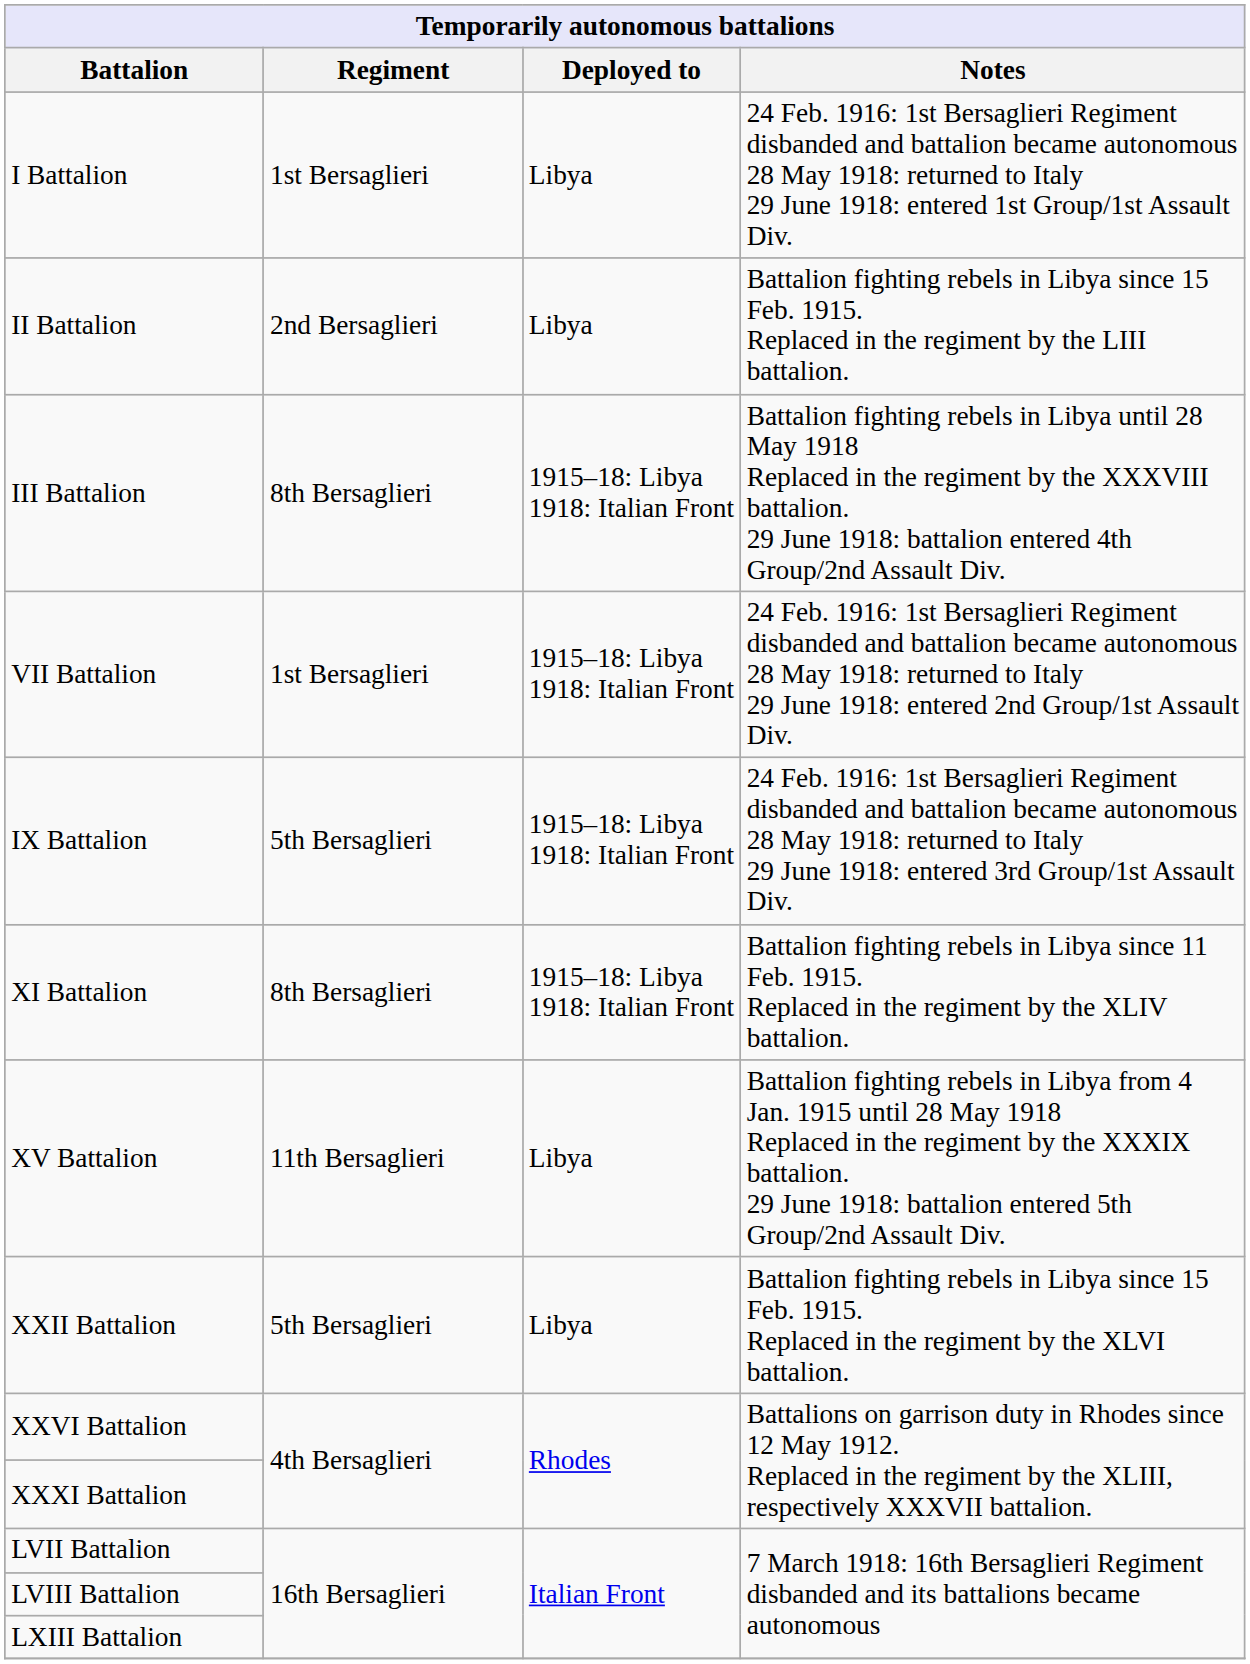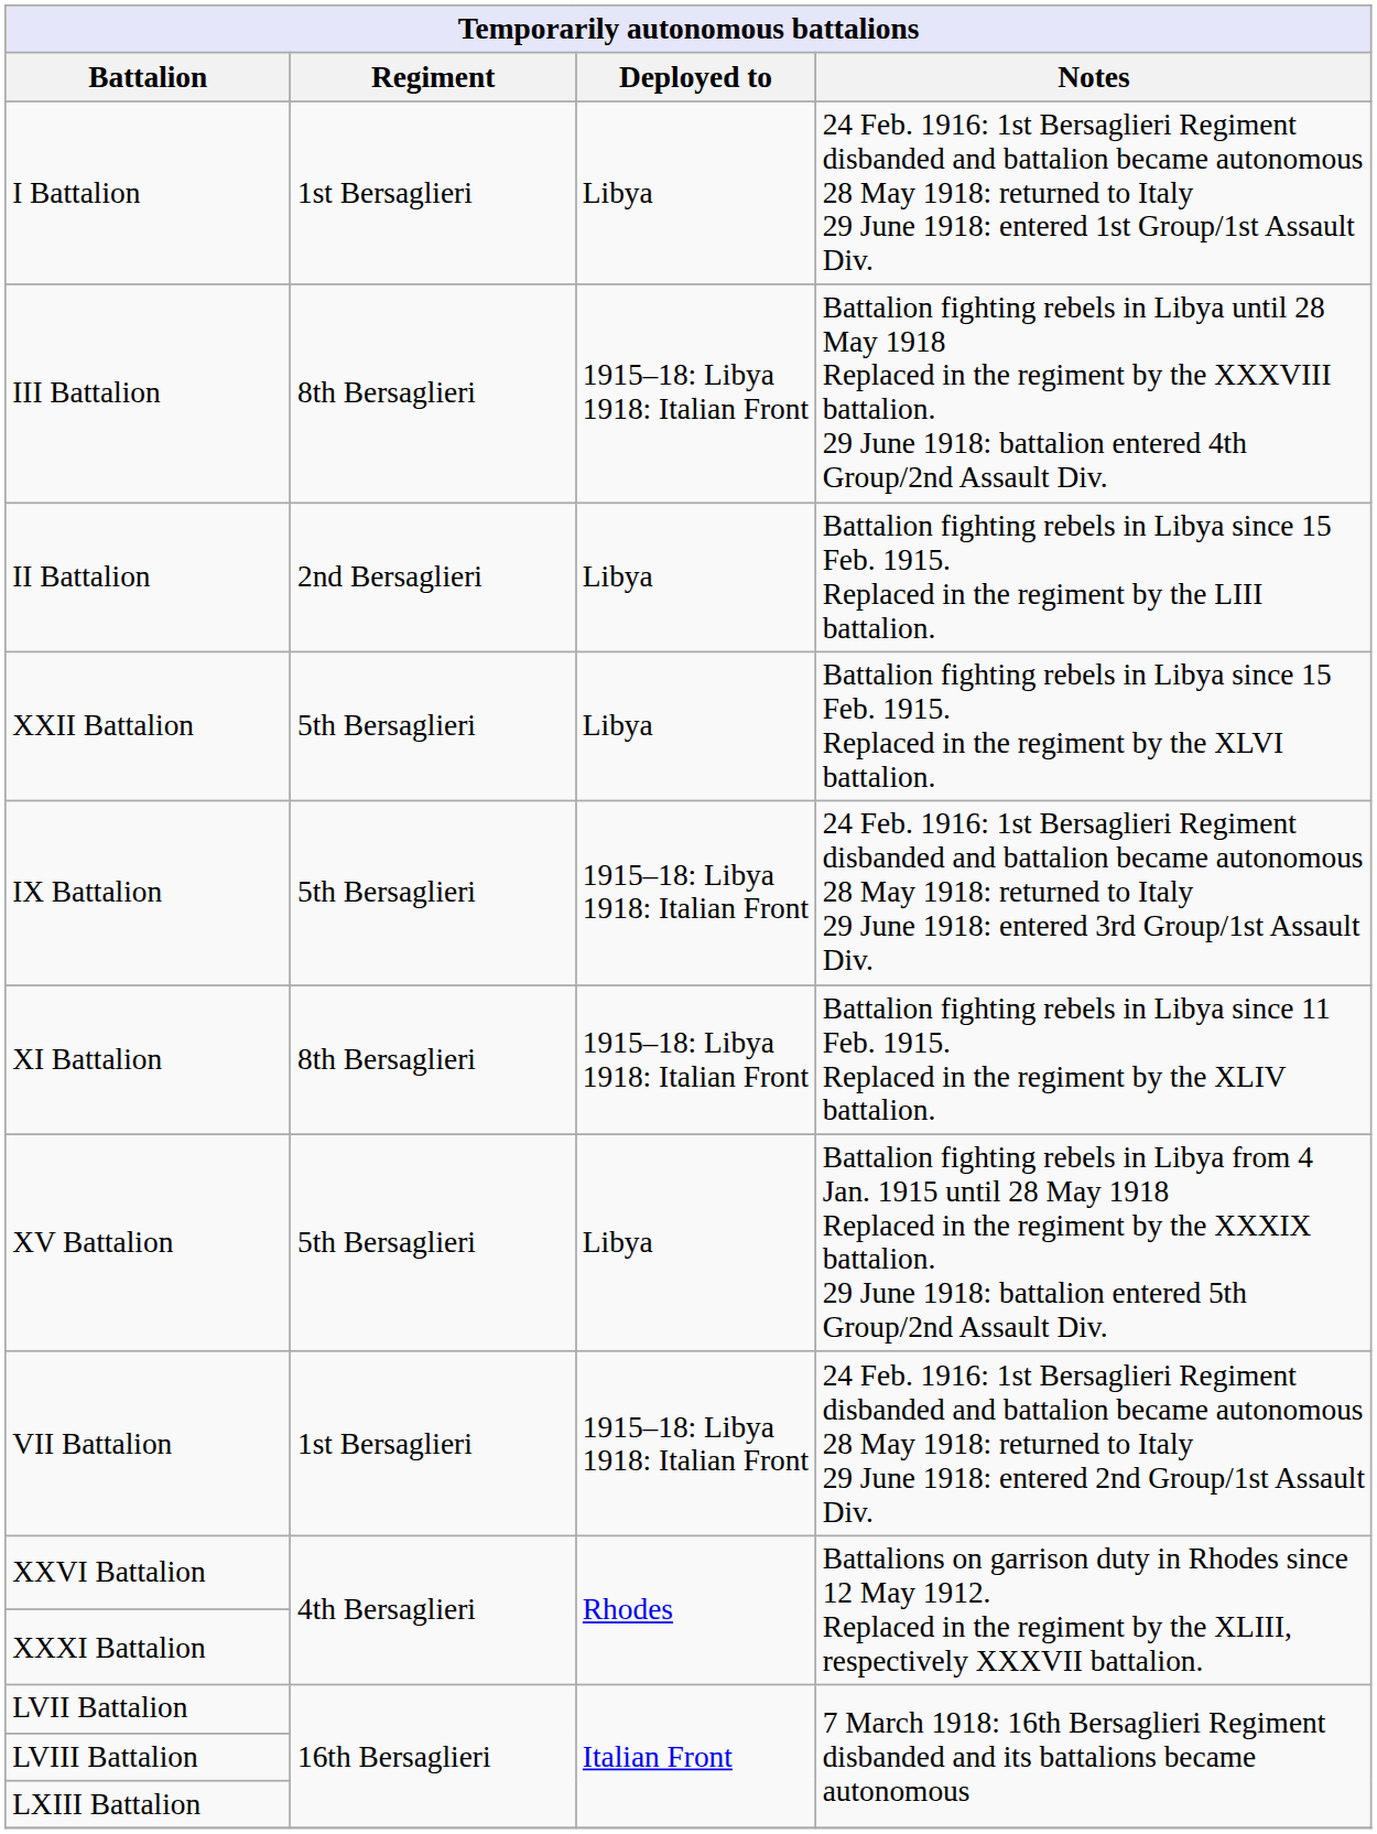 <table class="wikitable">
 <tr>
 <th style="align: center; background: lavender;" colspan="4">Temporarily autonomous battalions</th>
 </tr>
 <tr>
 <th>Battalion</th>
 <th>Regiment</th>
 <th>Deployed to</th>
 <th>Notes</th>
 </tr>
 <tr>
 <td style="width: 9em;">I Battalion</td>
 <td style="width: 9em;">1st Bersaglieri</td>
 <td>Libya</td>
 <td style="width: 18em;">24 Feb. 1916: 1st Bersaglieri Regiment disbanded and battalion became autonomous<br>28 May 1918: returned to Italy<br>29 June 1918: entered 1st Group/1st Assault Div.</td>
 </tr>
 <tr>
+<td>III Battalion</td>
+<td>8th Bersaglieri</td>
+<td>1915–18: Libya<br> 1918: Italian Front</td>
+<td>Battalion fighting rebels in Libya until 28 May 1918<br>Replaced in the regiment by the XXXVIII battalion.<br>29 June 1918: battalion entered 4th Group/2nd Assault Div.</td>
+</tr>
+<tr>
 <td>II Battalion</td>
 <td>2nd Bersaglieri</td>
 <td>Libya</td>
 <td>Battalion fighting rebels in Libya since 15 Feb. 1915.<br>Replaced in the regiment by the LIII battalion.</td>
 </tr>
 <tr>
-<td>III Battalion</td>
-<td>8th Bersaglieri</td>
-<td>1915–18: Libya<br> 1918: Italian Front</td>
-<td>Battalion fighting rebels in Libya until 28 May 1918<br>Replaced in the regiment by the XXXVIII battalion.<br>29 June 1918: battalion entered 4th Group/2nd Assault Div.</td>
-</tr>
-<tr>
-<td>VII Battalion</td>
-<td>1st Bersaglieri</td>
-<td>1915–18: Libya<br> 1918: Italian Front</td>
-<td>24 Feb. 1916: 1st Bersaglieri Regiment disbanded and battalion became autonomous<br>28 May 1918: returned to Italy<br>29 June 1918: entered 2nd Group/1st Assault Div.</td>
+<td>XXII Battalion</td>
+<td>5th Bersaglieri</td>
+<td>Libya</td>
+<td>Battalion fighting rebels in Libya since 15 Feb. 1915.<br>Replaced in the regiment by the XLVI battalion.</td>
 </tr>
 <tr>
 <td>IX Battalion</td>
 <td>5th Bersaglieri</td>
 <td>1915–18: Libya<br> 1918: Italian Front</td>
 <td>24 Feb. 1916: 1st Bersaglieri Regiment disbanded and battalion became autonomous<br>28 May 1918: returned to Italy<br>29 June 1918: entered 3rd Group/1st Assault Div.</td>
 </tr>
 <tr>
 <td>XI Battalion</td>
 <td>8th Bersaglieri</td>
 <td>1915–18: Libya<br> 1918: Italian Front</td>
 <td>Battalion fighting rebels in Libya since 11 Feb. 1915.<br>Replaced in the regiment by the XLIV battalion.</td>
 </tr>
 <tr>
 <td>XV Battalion</td>
-<td>11th Bersaglieri</td>
+<td>5th Bersaglieri</td>
 <td>Libya</td>
 <td>Battalion fighting rebels in Libya from 4 Jan. 1915 until 28 May 1918<br>Replaced in the regiment by the XXXIX battalion.<br>29 June 1918: battalion entered 5th Group/2nd Assault Div.</td>
 </tr>
 <tr>
-<td>XXII Battalion</td>
-<td>5th Bersaglieri</td>
-<td>Libya</td>
-<td>Battalion fighting rebels in Libya since 15 Feb. 1915.<br>Replaced in the regiment by the XLVI battalion.</td>
+<td>VII Battalion</td>
+<td>1st Bersaglieri</td>
+<td>1915–18: Libya<br> 1918: Italian Front</td>
+<td>24 Feb. 1916: 1st Bersaglieri Regiment disbanded and battalion became autonomous<br>28 May 1918: returned to Italy<br>29 June 1918: entered 2nd Group/1st Assault Div.</td>
 </tr>
 <tr>
 <td>XXVI Battalion</td>
 <td rowspan="2" colspan="1">4th Bersaglieri</td>
 <td rowspan="2" colspan="1"><a href='#'>Rhodes</a></td>
 <td rowspan="2" colspan="1">Battalions on garrison duty in Rhodes since 12 May 1912.<br>Replaced in the regiment by the XLIII, respectively XXXVII battalion.</td>
 </tr>
 <tr>
 <td>XXXI Battalion</td>
 </tr>
 <tr>
 <td>LVII Battalion</td>
 <td rowspan="3" colspan="1">16th Bersaglieri</td>
 <td rowspan="3" colspan="1"><a href='#'>Italian Front</a></td>
 <td rowspan="3" colspan="1">7 March 1918: 16th Bersaglieri Regiment disbanded and its battalions became autonomous</td>
 </tr>
 <tr>
 <td>LVIII Battalion</td>
 </tr>
 <tr>
 <td>LXIII Battalion</td>
 </tr>
 <tr>
 </tr>
 </table>
